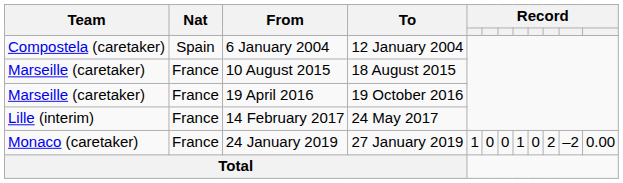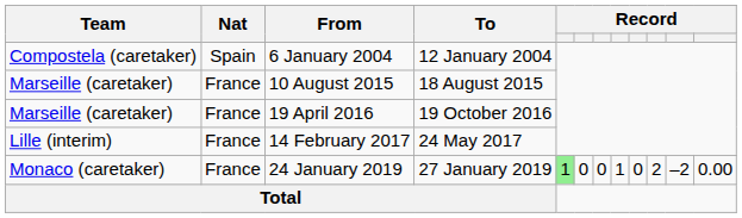 <table class="wikitable" style="text-align: center">
 <tr>
 <th rowspan="2">Team</th>
 <th rowspan="2">Nat</th>
 <th rowspan="2">From</th>
 <th rowspan="2">To</th>
 <th colspan="9">Record</th>
 </tr>
 <tr>
 <th></th>
 <th></th>
 <th></th>
 <th></th>
 <th></th>
 <th></th>
 <th></th>
 <th></th>
 </tr>
 <tr>
 <td align=left><a href='#'>Compostela</a> (caretaker)</td>
 <td>Spain</td>
 <td align=left>6 January 2004</td>
 <td align=left>12 January 2004<br></td>
 </tr>
 <tr>
 <td align=left><a href='#'>Marseille</a> (caretaker)</td>
 <td>France</td>
 <td align=left>10 August 2015</td>
 <td align=left>18 August 2015<br></td>
 </tr>
 <tr>
 <td align=left><a href='#'>Marseille</a> (caretaker)</td>
 <td>France</td>
 <td align=left>19 April 2016</td>
 <td align=left>19 October 2016<br></td>
 </tr>
 <tr>
 <td align=left><a href='#'>Lille</a> (interim)</td>
 <td>France</td>
 <td align=left>14 February 2017</td>
 <td align=left>24 May 2017<br></td>
 </tr>
 <tr>
 <td align=left><a href='#'>Monaco</a> (caretaker)</td>
 <td>France</td>
 <td align=left>24 January 2019</td>
 <td align=left>27 January 2019</td>
-<td>1</td>
+<td style="background: lightgreen;">1</td>
 <td>0</td>
 <td>0</td>
 <td>1</td>
 <td>0</td>
 <td>2</td>
 <td>–2</td>
 <td>0.00</td>
 </tr>
 <tr>
 <th colspan="4">Total<br></th>
 </tr>
 </table>
